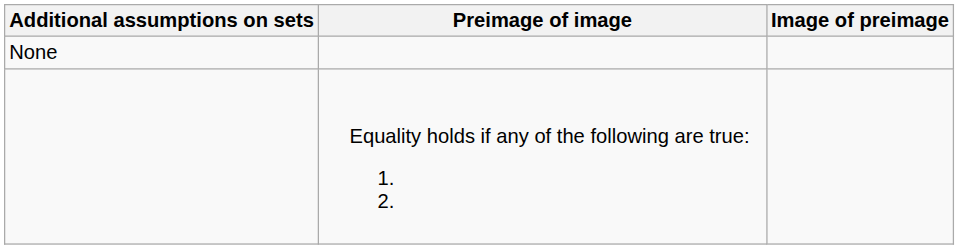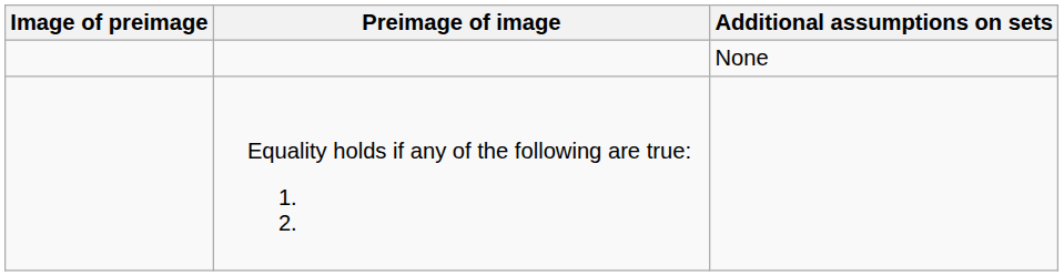 <table class="wikitable">
 <tr>
+<th>Image of preimage</th>
+<th>Preimage of image</th>
 <th>Additional assumptions on sets</th>
-<th>Preimage of image</th>
-<th>Image of preimage</th>
 </tr>
 <tr>
-<td>None</td>
 <td style="padding: 0.5em 0.8em 0.5em 1.5em;"></td>
 <td style="padding: 0.5em 0.8em 0.5em 1.5em;"></td>
+<td>None</td>
 </tr>
 <tr>
+<td style="padding: 0.5em 0.8em 0.5em 1.5em;"></td>
+<td style="padding: 0.5em 0.8em 0.5em 1.5em;"><br><br>Equality holds if any of the following are true: <ol> <li></li> <li></li> </ol></td>
 <td></td>
-<td style="padding: 0.5em 0.8em 0.5em 1.5em;"><br><br>Equality holds if any of the following are true: <ol> <li></li> <li></li> </ol></td>
-<td style="padding: 0.5em 0.8em 0.5em 1.5em;"></td>
 </tr>
 </table>
